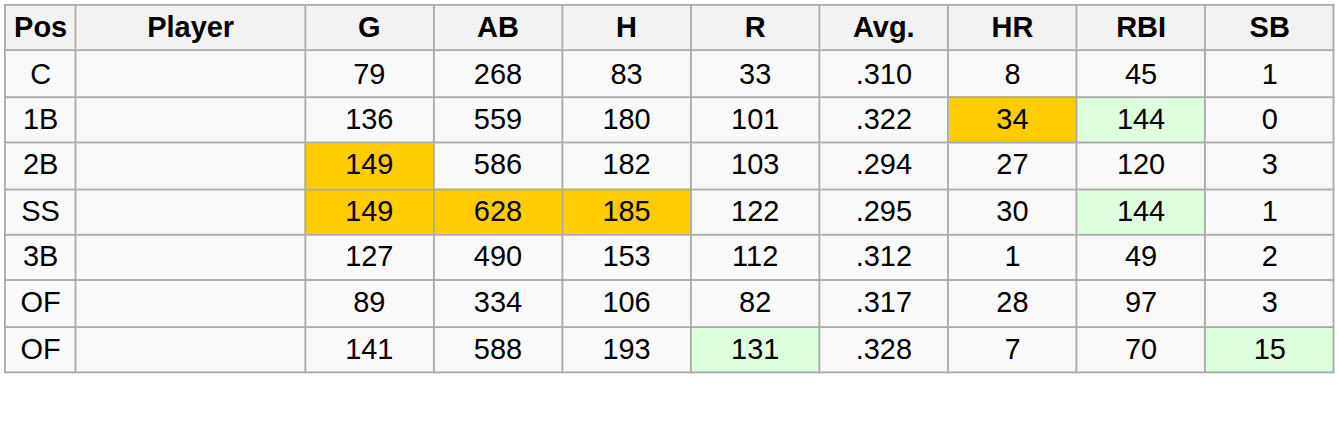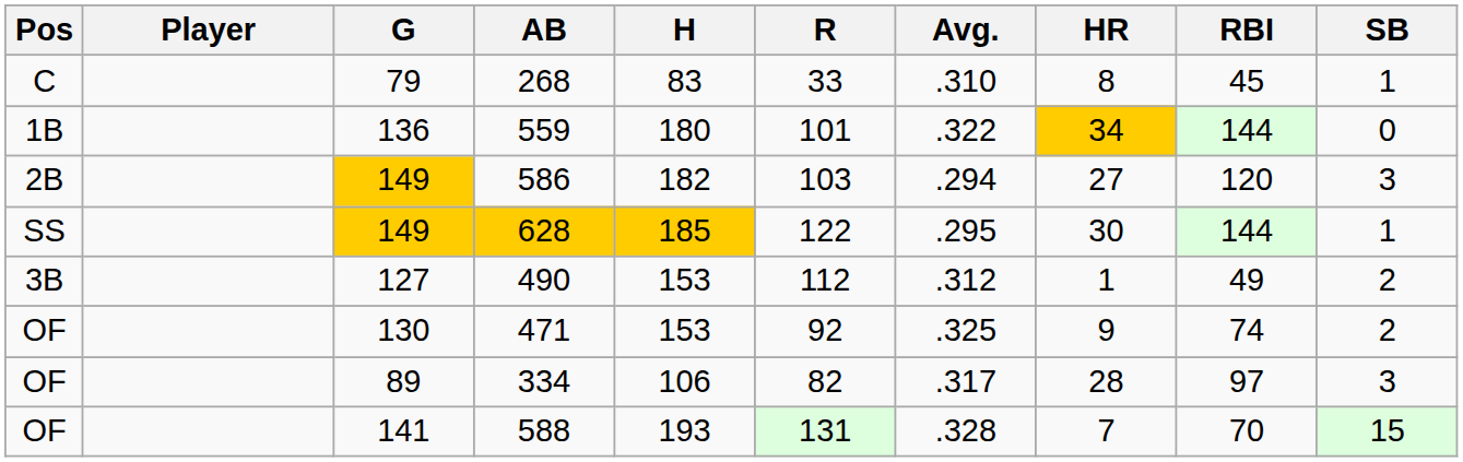 <table class="wikitable sortable">
 <tr>
 <th bgcolor="#DDDDFF" width="5%">Pos</th>
 <th bgcolor="#DDDDFF" width="16%">Player</th>
 <th bgcolor="#DDDDFF" width="9%">G</th>
 <th bgcolor="#DDDDFF" width="9%">AB</th>
 <th bgcolor="#DDDDFF" width="9%">H</th>
 <th bgcolor="#DDDDFF" width="9%">R</th>
 <th bgcolor="#DDDDFF" width="9%">Avg.</th>
 <th bgcolor="#DDDDFF" width="9%">HR</th>
 <th bgcolor="#DDDDFF" width="9%">RBI</th>
 <th bgcolor="#DDDDFF" width="9%">SB</th>
 </tr>
 <tr align="center">
 <td>C</td>
 <td></td>
 <td>79</td>
 <td>268</td>
 <td>83</td>
 <td>33</td>
 <td>.310</td>
 <td>8</td>
 <td>45</td>
 <td>1</td>
 </tr>
 <tr align="center">
 <td>1B</td>
 <td></td>
 <td>136</td>
 <td>559</td>
 <td>180</td>
 <td>101</td>
 <td>.322</td>
 <td style="background:#fc0;">34</td>
 <td style="background:#DDFFDD;">144</td>
 <td>0</td>
 </tr>
 <tr align="center">
 <td>2B</td>
 <td></td>
 <td style="background:#fc0;">149</td>
 <td>586</td>
 <td>182</td>
 <td>103</td>
 <td>.294</td>
 <td>27</td>
 <td>120</td>
 <td>3</td>
 </tr>
 <tr align="center">
 <td>SS</td>
 <td></td>
 <td style="background:#fc0;">149</td>
 <td style="background:#fc0;">628</td>
 <td style="background:#fc0;">185</td>
 <td>122</td>
 <td>.295</td>
 <td>30</td>
 <td style="background:#DDFFDD;">144</td>
 <td>1</td>
 </tr>
 <tr align="center">
 <td>3B</td>
 <td></td>
 <td>127</td>
 <td>490</td>
 <td>153</td>
 <td>112</td>
 <td>.312</td>
 <td>1</td>
 <td>49</td>
 <td>2</td>
 </tr>
 <tr align="center">
 <td>OF</td>
 <td></td>
+<td>130</td>
+<td>471</td>
+<td>153</td>
+<td>92</td>
+<td>.325</td>
+<td>9</td>
+<td>74</td>
+<td>2</td>
+</tr>
+<tr align="center">
+<td>OF</td>
+<td></td>
 <td>89</td>
 <td>334</td>
 <td>106</td>
 <td>82</td>
 <td>.317</td>
 <td>28</td>
 <td>97</td>
 <td>3</td>
 </tr>
 <tr align="center">
 <td>OF</td>
 <td></td>
 <td>141</td>
 <td>588</td>
 <td>193</td>
 <td style="background:#DDFFDD;">131</td>
 <td>.328</td>
 <td>7</td>
 <td>70</td>
 <td style="background:#DDFFDD;">15</td>
 </tr>
 </table>
